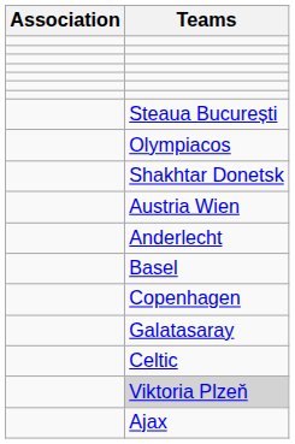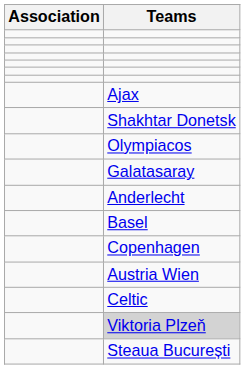 <table class="wikitable">
 <tr>
 <th>Association</th>
 <th>Teams</th>
 </tr>
 <tr>
 <td></td>
 <td></td>
 </tr>
 <tr>
 <td></td>
 <td></td>
 </tr>
 <tr>
 <td></td>
 <td></td>
 </tr>
 <tr>
 <td></td>
 <td></td>
 </tr>
 <tr>
 <td></td>
 <td></td>
 </tr>
 <tr>
 <td></td>
 <td></td>
 </tr>
 <tr>
 <td></td>
 <td></td>
 </tr>
 <tr>
 <td></td>
-<td><a href='#'>Steaua București</a></td>
+<td><a href='#'>Ajax</a></td>
+</tr>
+<tr>
+<td></td>
+<td><a href='#'>Shakhtar Donetsk</a></td>
 </tr>
 <tr>
 <td></td>
 <td><a href='#'>Olympiacos</a></td>
 </tr>
 <tr>
 <td></td>
-<td><a href='#'>Shakhtar Donetsk</a></td>
-</tr>
-<tr>
-<td></td>
-<td><a href='#'>Austria Wien</a></td>
+<td><a href='#'>Galatasaray</a></td>
 </tr>
 <tr>
 <td></td>
 <td><a href='#'>Anderlecht</a></td>
 </tr>
 <tr>
 <td></td>
 <td><a href='#'>Basel</a></td>
 </tr>
 <tr>
 <td></td>
 <td><a href='#'>Copenhagen</a></td>
 </tr>
 <tr>
 <td></td>
-<td><a href='#'>Galatasaray</a></td>
+<td><a href='#'>Austria Wien</a></td>
 </tr>
 <tr>
 <td></td>
 <td><a href='#'>Celtic</a></td>
 </tr>
 <tr>
 <td></td>
 <td style="background: lightgrey;"><a href='#'>Viktoria Plzeň</a></td>
 </tr>
 <tr>
 <td></td>
-<td><a href='#'>Ajax</a></td>
+<td><a href='#'>Steaua București</a></td>
 </tr>
 </table>
